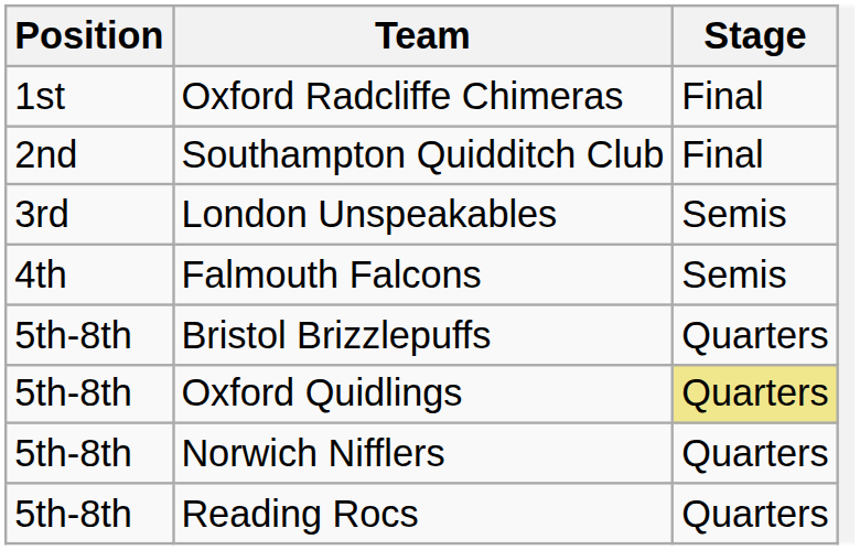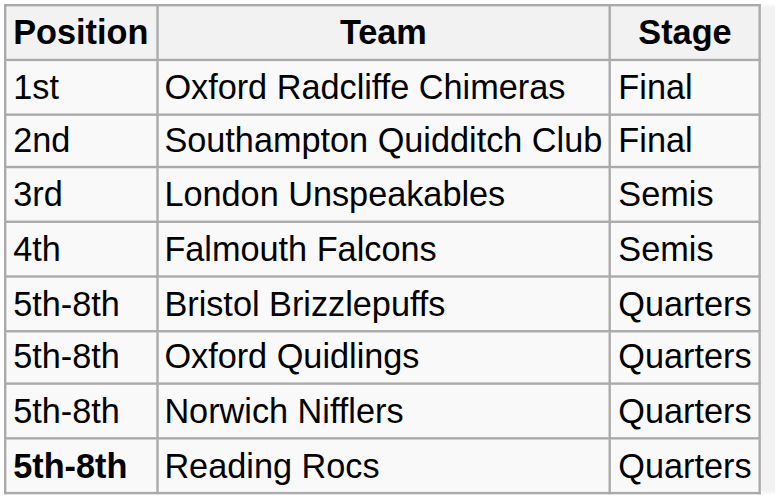 <table class="wikitable" style="font-size:90%;border: none;">
 <tr>
 <th>Position</th>
 <th>Team</th>
 <th>Stage</th>
 <th rowspan="9" style="border: none;"></th>
 </tr>
 <tr>
 <td>1st</td>
 <td>Oxford Radcliffe Chimeras</td>
 <td>Final</td>
 </tr>
 <tr>
 <td>2nd</td>
 <td>Southampton Quidditch Club</td>
 <td>Final</td>
 </tr>
 <tr>
 <td>3rd</td>
 <td>London Unspeakables</td>
 <td>Semis</td>
 </tr>
 <tr>
 <td>4th</td>
 <td>Falmouth Falcons</td>
 <td>Semis</td>
 </tr>
 <tr>
 <td>5th-8th</td>
 <td>Bristol Brizzlepuffs</td>
 <td>Quarters</td>
 </tr>
 <tr>
 <td>5th-8th</td>
 <td>Oxford Quidlings</td>
-<td style="background: khaki;">Quarters</td>
+<td>Quarters</td>
 </tr>
 <tr>
 <td>5th-8th</td>
 <td>Norwich Nifflers</td>
 <td>Quarters</td>
 </tr>
 <tr>
-<td>5th-8th</td>
+<td><strong>5th-8th</strong></td>
 <td>Reading Rocs</td>
 <td>Quarters</td>
 </tr>
 </table>
